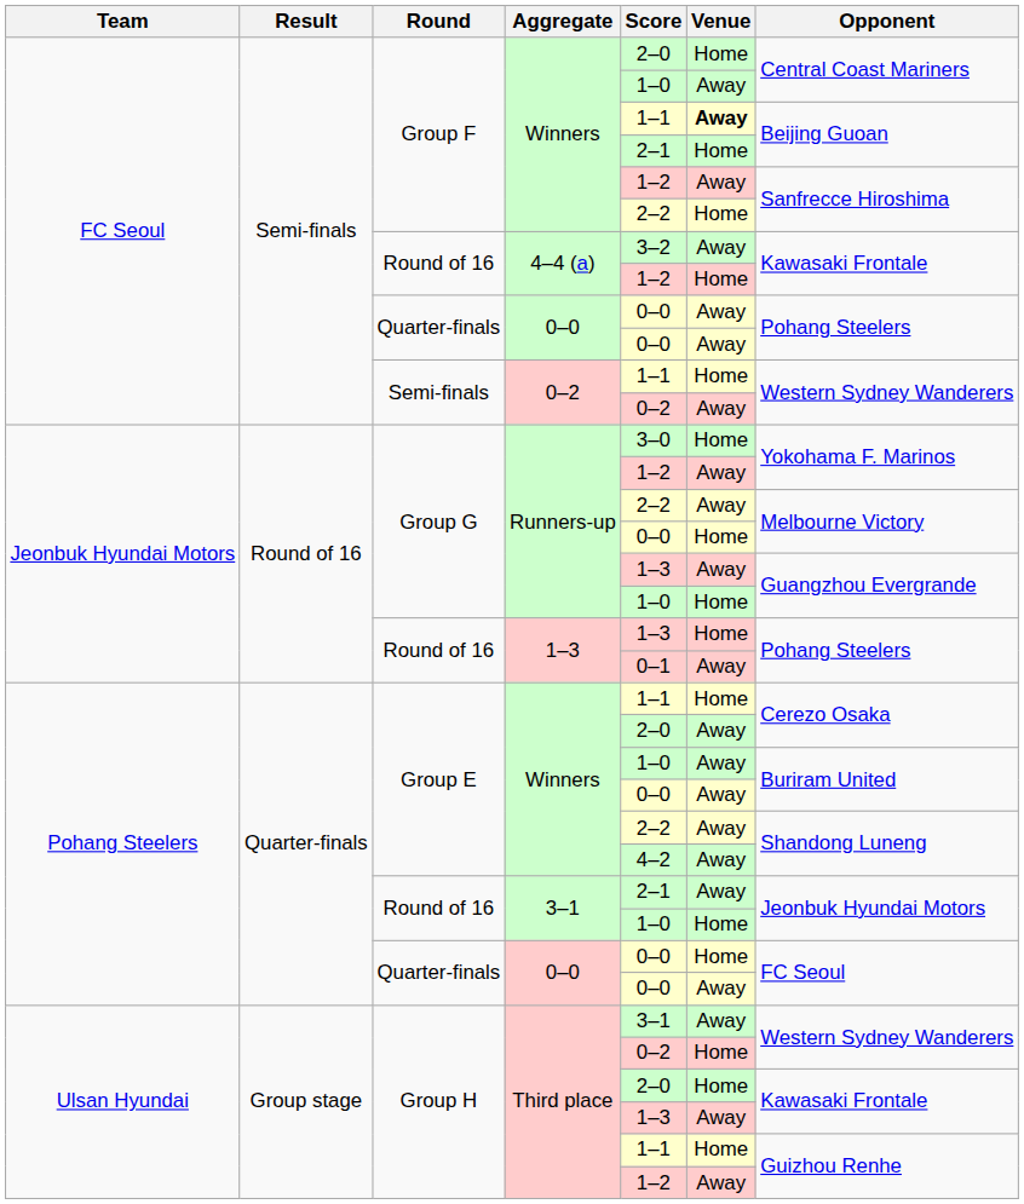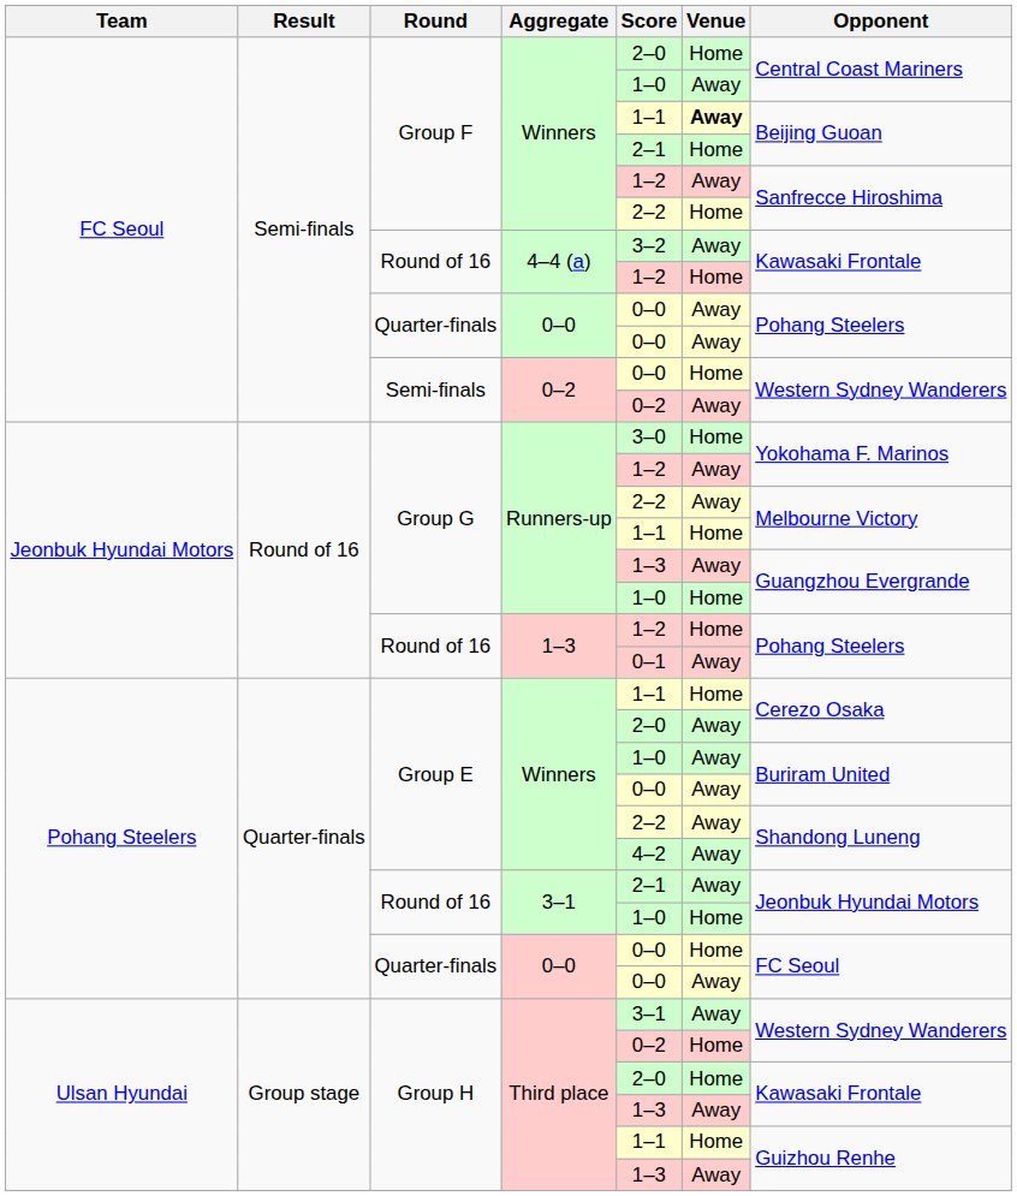 <table class="wikitable" style="text-align:center;">
 <tr>
 <th>Team</th>
 <th>Result</th>
 <th>Round</th>
 <th>Aggregate</th>
 <th>Score</th>
 <th>Venue</th>
 <th>Opponent</th>
 </tr>
 <tr>
 <td rowspan="12"><a href='#'>FC Seoul</a></td>
 <td rowspan="12">Semi-finals</td>
 <td rowspan="6">Group F</td>
 <td rowspan="6" bgcolor="#cfc">Winners</td>
 <td bgcolor="#cfc">2–0</td>
 <td bgcolor="#cfc">Home</td>
 <td rowspan="2" align="left"> <a href='#'>Central Coast Mariners</a></td>
 </tr>
 <tr>
 <td bgcolor="#cfc">1–0</td>
 <td bgcolor="#cfc">Away</td>
 </tr>
 <tr>
 <td bgcolor="#ffc">1–1</td>
 <td bgcolor="#ffc"><strong>Away</strong></td>
 <td rowspan="2" align="left"> <a href='#'>Beijing Guoan</a></td>
 </tr>
 <tr>
 <td bgcolor="#cfc">2–1</td>
 <td bgcolor="#cfc">Home</td>
 </tr>
 <tr>
 <td bgcolor="#fcc">1–2</td>
 <td bgcolor="#fcc">Away</td>
 <td rowspan="2" align="left"> <a href='#'>Sanfrecce Hiroshima</a></td>
 </tr>
 <tr>
 <td bgcolor="#ffc">2–2</td>
 <td bgcolor="#ffc">Home</td>
 </tr>
 <tr>
 <td rowspan="2">Round of 16</td>
 <td rowspan="2" bgcolor="#cfc">4–4 (<a href='#'>a</a>)</td>
 <td bgcolor="#cfc">3–2</td>
 <td bgcolor="#cfc">Away</td>
 <td rowspan="2" align="left"> <a href='#'>Kawasaki Frontale</a></td>
 </tr>
 <tr>
 <td bgcolor="#fcc">1–2</td>
 <td bgcolor="#fcc">Home</td>
 </tr>
 <tr>
 <td rowspan="2">Quarter-finals</td>
 <td rowspan="2" bgcolor="#cfc">0–0 </td>
 <td bgcolor="#ffc">0–0</td>
 <td bgcolor="#ffc">Away</td>
 <td rowspan="2" align="left"> <a href='#'>Pohang Steelers</a></td>
 </tr>
 <tr>
 <td bgcolor="#ffc">0–0 </td>
 <td bgcolor="#ffc">Away</td>
 </tr>
 <tr>
 <td rowspan="2">Semi-finals</td>
 <td rowspan="2" bgcolor="#fcc">0–2</td>
-<td bgcolor="#ffc">1–1</td>
+<td bgcolor="#ffc">0–0</td>
 <td bgcolor="#ffc">Home</td>
 <td rowspan="2" align="left"> <a href='#'>Western Sydney Wanderers</a></td>
 </tr>
 <tr>
 <td bgcolor="#fcc">0–2</td>
 <td bgcolor="#fcc">Away</td>
 </tr>
 <tr>
 <td rowspan="8"><a href='#'>Jeonbuk Hyundai Motors</a></td>
 <td rowspan="8">Round of 16</td>
 <td rowspan="6">Group G</td>
 <td rowspan="6" bgcolor="#cfc">Runners-up</td>
 <td bgcolor="#cfc">3–0</td>
 <td bgcolor="#cfc">Home</td>
 <td rowspan="2" align="left"> <a href='#'>Yokohama F. Marinos</a></td>
 </tr>
 <tr>
 <td bgcolor="#fcc">1–2</td>
 <td bgcolor="#fcc">Away</td>
 </tr>
 <tr>
 <td bgcolor="#ffc">2–2</td>
 <td bgcolor="#ffc">Away</td>
 <td rowspan="2" align="left"> <a href='#'>Melbourne Victory</a></td>
 </tr>
 <tr>
-<td bgcolor="#ffc">0–0</td>
+<td bgcolor="#ffc">1–1</td>
 <td bgcolor="#ffc">Home</td>
 </tr>
 <tr>
 <td bgcolor="#fcc">1–3</td>
 <td bgcolor="#fcc">Away</td>
 <td rowspan="2" align="left"> <a href='#'>Guangzhou Evergrande</a></td>
 </tr>
 <tr>
 <td bgcolor="#cfc">1–0</td>
 <td bgcolor="#cfc">Home</td>
 </tr>
 <tr>
 <td rowspan="2">Round of 16</td>
 <td rowspan="2" bgcolor="#fcc">1–3</td>
-<td bgcolor="#fcc">1–3</td>
+<td bgcolor="#fcc">1–2</td>
 <td bgcolor="#fcc">Home</td>
 <td rowspan="2" align="left"> <a href='#'>Pohang Steelers</a></td>
 </tr>
 <tr>
 <td bgcolor="#fcc">0–1</td>
 <td bgcolor="#fcc">Away</td>
 </tr>
 <tr>
 <td rowspan="10"><a href='#'>Pohang Steelers</a></td>
 <td rowspan="10">Quarter-finals</td>
 <td rowspan="6">Group E</td>
 <td rowspan="6" bgcolor="#cfc">Winners</td>
 <td bgcolor="#ffc">1–1</td>
 <td bgcolor="#ffc">Home</td>
 <td rowspan="2" align="left"> <a href='#'>Cerezo Osaka</a></td>
 </tr>
 <tr>
 <td bgcolor="#cfc">2–0</td>
 <td bgcolor="#cfc">Away</td>
 </tr>
 <tr>
 <td bgcolor="#cfc">1–0</td>
 <td bgcolor="#cfc">Away</td>
 <td rowspan="2" align="left"> <a href='#'>Buriram United</a></td>
 </tr>
 <tr>
 <td bgcolor="#ffc">0–0</td>
 <td bgcolor="#ffc">Away</td>
 </tr>
 <tr>
 <td bgcolor="#ffc">2–2</td>
 <td bgcolor="#ffc">Away</td>
 <td rowspan="2" align="left"> <a href='#'>Shandong Luneng</a></td>
 </tr>
 <tr>
 <td bgcolor="#cfc">4–2</td>
 <td bgcolor="#cfc">Away</td>
 </tr>
 <tr>
 <td rowspan="2">Round of 16</td>
 <td rowspan="2" bgcolor="#cfc">3–1</td>
 <td bgcolor="#cfc">2–1</td>
 <td bgcolor="#cfc">Away</td>
 <td rowspan="2" align="left"> <a href='#'>Jeonbuk Hyundai Motors</a></td>
 </tr>
 <tr>
 <td bgcolor="#cfc">1–0</td>
 <td bgcolor="#cfc">Home</td>
 </tr>
 <tr>
 <td rowspan="2">Quarter-finals</td>
 <td rowspan="2" bgcolor="#fcc">0–0 </td>
 <td bgcolor="#ffc">0–0</td>
 <td bgcolor="#ffc">Home</td>
 <td rowspan="2" align="left"> <a href='#'>FC Seoul</a></td>
 </tr>
 <tr>
 <td bgcolor="#ffc">0–0 </td>
 <td bgcolor="#ffc">Away</td>
 </tr>
 <tr>
 <td rowspan="6"><a href='#'>Ulsan Hyundai</a></td>
 <td rowspan="6">Group stage</td>
 <td rowspan="6">Group H</td>
 <td rowspan="6" bgcolor="#fcc">Third place</td>
 <td bgcolor="#cfc">3–1</td>
 <td bgcolor="#cfc">Away</td>
 <td rowspan="2" align="left"> <a href='#'>Western Sydney Wanderers</a></td>
 </tr>
 <tr>
 <td bgcolor="#fcc">0–2</td>
 <td bgcolor="#fcc">Home</td>
 </tr>
 <tr>
 <td bgcolor="#cfc">2–0</td>
 <td bgcolor="#cfc">Home</td>
 <td rowspan="2" align="left"> <a href='#'>Kawasaki Frontale</a></td>
 </tr>
 <tr>
 <td bgcolor="#fcc">1–3</td>
 <td bgcolor="#fcc">Away</td>
 </tr>
 <tr>
 <td bgcolor="#ffc">1–1</td>
 <td bgcolor="#ffc">Home</td>
 <td rowspan="2" align="left"> <a href='#'>Guizhou Renhe</a></td>
 </tr>
 <tr>
-<td bgcolor="#fcc">1–2</td>
+<td bgcolor="#fcc">1–3</td>
 <td bgcolor="#fcc">Away</td>
 </tr>
 </table>
